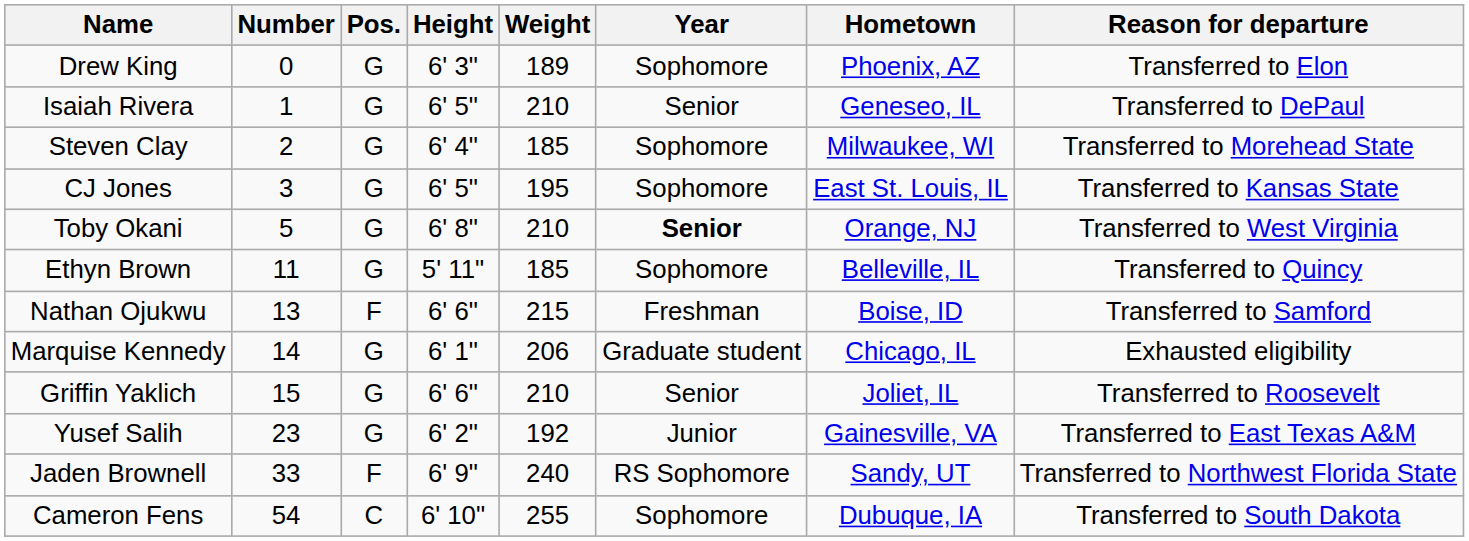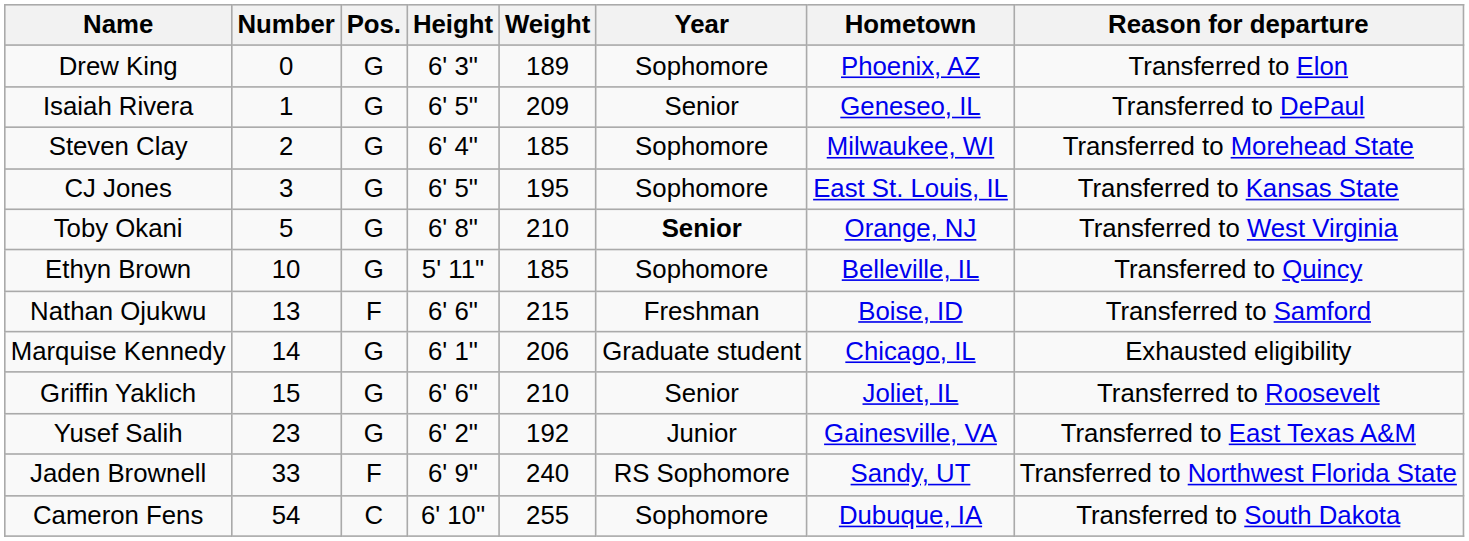 <table class="wikitable sortable" style="text-align:center">
 <tr align=center>
 <th>Name</th>
 <th>Number</th>
 <th>Pos.</th>
 <th>Height</th>
 <th>Weight</th>
 <th>Year</th>
 <th>Hometown</th>
 <th class="unsortable">Reason for departure</th>
 </tr>
 <tr>
 <td>Drew King</td>
 <td>0</td>
 <td>G</td>
 <td>6' 3"</td>
 <td>189</td>
 <td>Sophomore</td>
 <td><a href='#'>Phoenix, AZ</a></td>
 <td>Transferred to <a href='#'>Elon</a></td>
 </tr>
 <tr>
 <td>Isaiah Rivera</td>
 <td>1</td>
 <td>G</td>
 <td>6' 5"</td>
-<td>210</td>
+<td>209</td>
 <td>Senior</td>
 <td><a href='#'>Geneseo, IL</a></td>
 <td>Transferred to <a href='#'>DePaul</a></td>
 </tr>
 <tr>
 <td>Steven Clay</td>
 <td>2</td>
 <td>G</td>
 <td>6' 4"</td>
 <td>185</td>
 <td>Sophomore</td>
 <td><a href='#'>Milwaukee, WI</a></td>
 <td>Transferred to <a href='#'>Morehead State</a></td>
 </tr>
 <tr>
 <td>CJ Jones</td>
 <td>3</td>
 <td>G</td>
 <td>6' 5"</td>
 <td>195</td>
 <td>Sophomore</td>
 <td><a href='#'>East St. Louis, IL</a></td>
 <td>Transferred to <a href='#'>Kansas State</a></td>
 </tr>
 <tr>
 <td>Toby Okani</td>
 <td>5</td>
 <td>G</td>
 <td>6' 8"</td>
 <td>210</td>
 <td><strong>Senior</strong></td>
 <td><a href='#'>Orange, NJ</a></td>
 <td>Transferred to <a href='#'>West Virginia</a></td>
 </tr>
 <tr>
 <td>Ethyn Brown</td>
-<td>11</td>
+<td>10</td>
 <td>G</td>
 <td>5' 11"</td>
 <td>185</td>
 <td>Sophomore</td>
 <td><a href='#'>Belleville, IL</a></td>
 <td>Transferred to <a href='#'>Quincy</a></td>
 </tr>
 <tr>
 <td>Nathan Ojukwu</td>
 <td>13</td>
 <td>F</td>
 <td>6' 6"</td>
 <td>215</td>
 <td>Freshman</td>
 <td><a href='#'>Boise, ID</a></td>
 <td>Transferred to <a href='#'>Samford</a></td>
 </tr>
 <tr>
 <td>Marquise Kennedy</td>
 <td>14</td>
 <td>G</td>
 <td>6' 1"</td>
 <td>206</td>
 <td>Graduate student</td>
 <td><a href='#'>Chicago, IL</a></td>
 <td>Exhausted eligibility</td>
 </tr>
 <tr>
 <td>Griffin Yaklich</td>
 <td>15</td>
 <td>G</td>
 <td>6' 6"</td>
 <td>210</td>
 <td>Senior</td>
 <td><a href='#'>Joliet, IL</a></td>
 <td>Transferred to <a href='#'>Roosevelt</a></td>
 </tr>
 <tr>
 <td>Yusef Salih</td>
 <td>23</td>
 <td>G</td>
 <td>6' 2"</td>
 <td>192</td>
 <td>Junior</td>
 <td><a href='#'>Gainesville, VA</a></td>
 <td>Transferred to <a href='#'>East Texas A&M</a></td>
 </tr>
 <tr>
 <td>Jaden Brownell</td>
 <td>33</td>
 <td>F</td>
 <td>6' 9"</td>
 <td>240</td>
 <td>RS Sophomore</td>
 <td><a href='#'>Sandy, UT</a></td>
 <td>Transferred to <a href='#'>Northwest Florida State</a></td>
 </tr>
 <tr>
 <td>Cameron Fens</td>
 <td>54</td>
 <td>C</td>
 <td>6' 10"</td>
 <td>255</td>
 <td>Sophomore</td>
 <td><a href='#'>Dubuque, IA</a></td>
 <td>Transferred to <a href='#'>South Dakota</a></td>
 </tr>
 </table>
